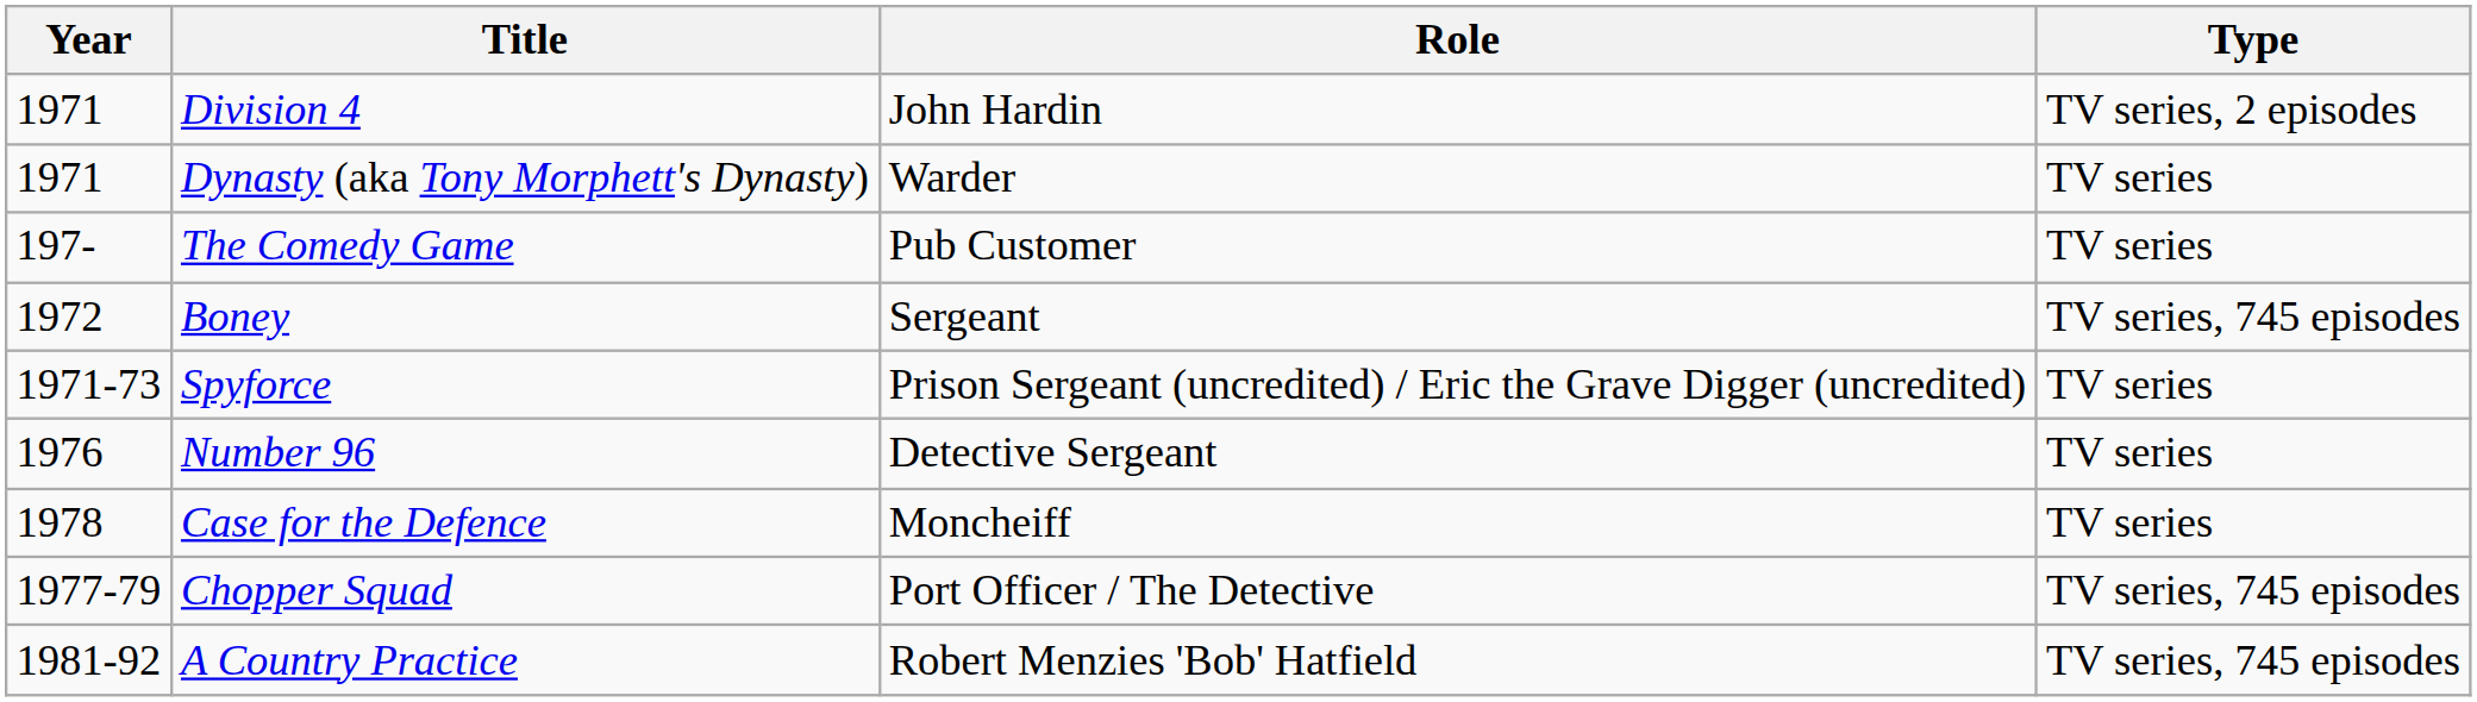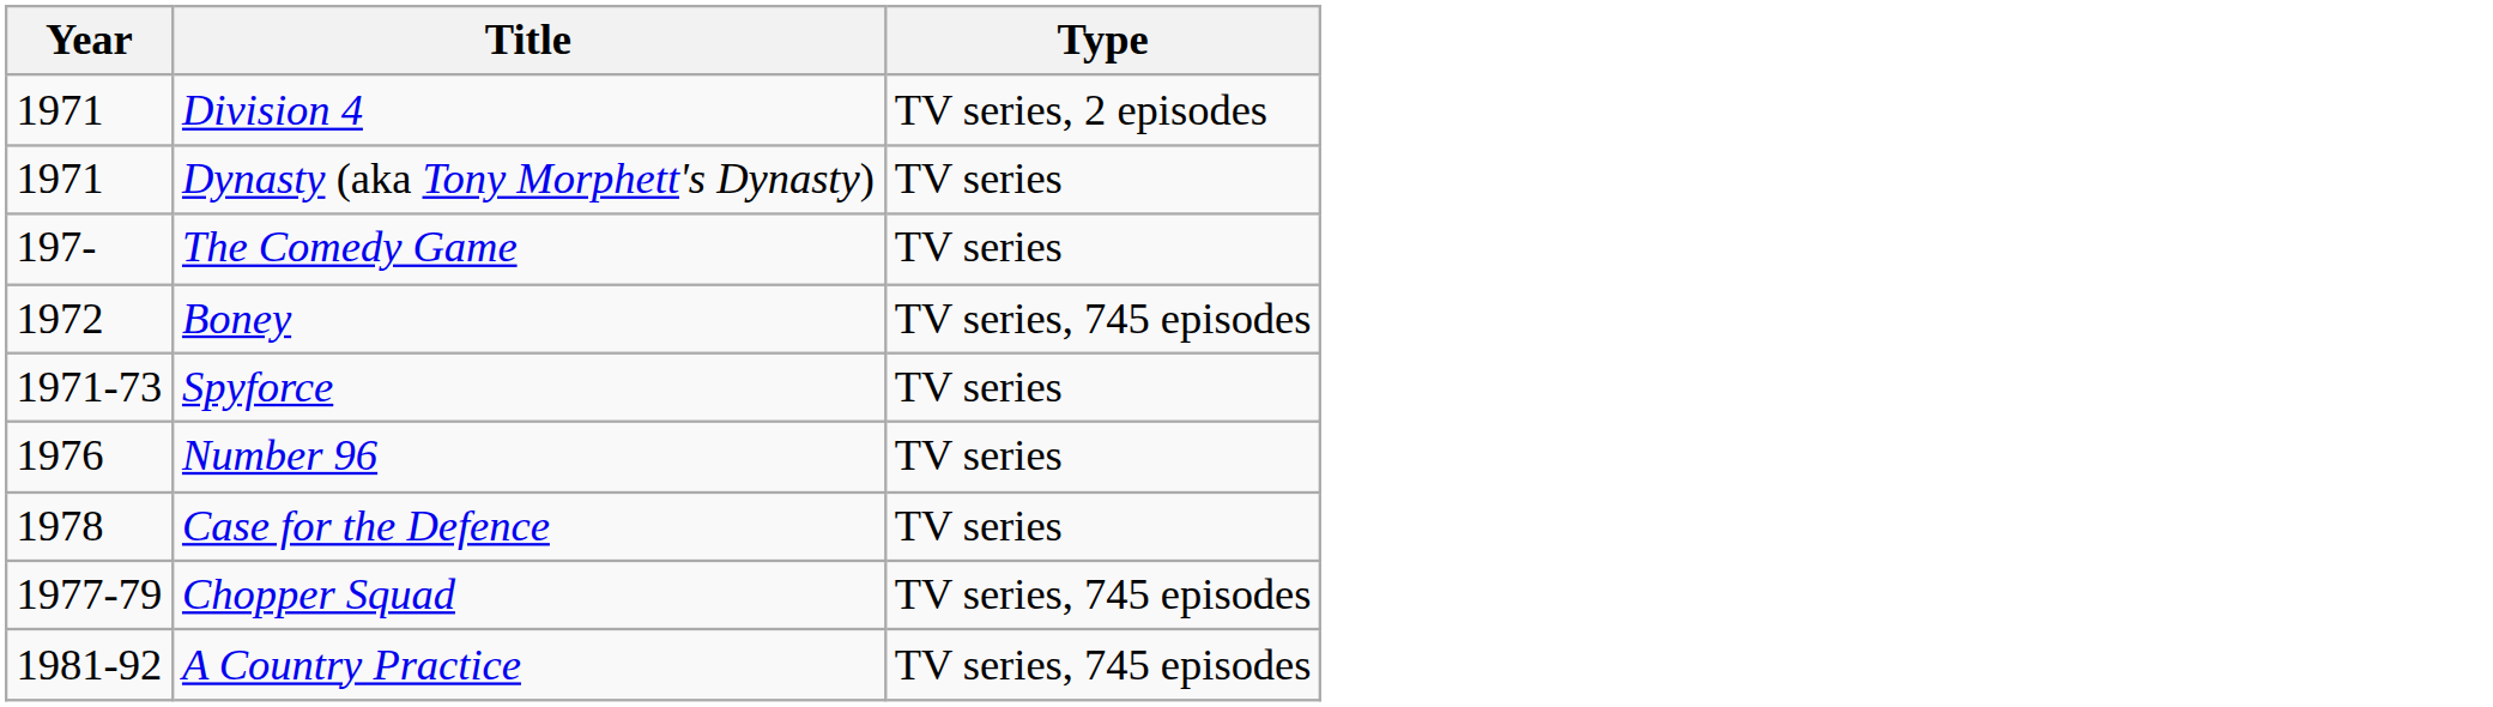 <table class="wikitable">
 <tr>
 <th>Year</th>
 <th>Title</th>
-<th>Role</th>
 <th>Type</th>
 </tr>
 <tr>
 <td>1971</td>
 <td><em><a href='#'>Division 4</a></em></td>
-<td>John Hardin</td>
 <td>TV series, 2 episodes</td>
 </tr>
 <tr>
 <td>1971</td>
 <td><em><a href='#'>Dynasty</a></em> (aka <em><a href='#'>Tony Morphett</a>'s Dynasty</em>)</td>
-<td>Warder</td>
 <td>TV series</td>
 </tr>
 <tr>
 <td>197-</td>
 <td><em><a href='#'>The Comedy Game</a></em></td>
-<td>Pub Customer</td>
 <td>TV series</td>
 </tr>
 <tr>
 <td>1972</td>
 <td><em><a href='#'>Boney</a></em></td>
-<td>Sergeant</td>
 <td>TV series, 745 episodes</td>
 </tr>
 <tr>
 <td>1971-73</td>
 <td><em><a href='#'>Spyforce</a></em></td>
-<td>Prison Sergeant (uncredited) / Eric the Grave Digger (uncredited)</td>
 <td>TV series</td>
 </tr>
 <tr>
 <td>1976</td>
 <td><em><a href='#'>Number 96</a></em></td>
-<td>Detective Sergeant</td>
 <td>TV series</td>
 </tr>
 <tr>
 <td>1978</td>
 <td><em><a href='#'>Case for the Defence</a></em></td>
-<td>Moncheiff</td>
 <td>TV series</td>
 </tr>
 <tr>
 <td>1977-79</td>
 <td><em><a href='#'>Chopper Squad</a></em></td>
-<td>Port Officer / The Detective</td>
 <td>TV series, 745 episodes</td>
 </tr>
 <tr>
 <td>1981-92</td>
 <td><em><a href='#'>A Country Practice</a></em></td>
-<td>Robert Menzies 'Bob' Hatfield</td>
 <td>TV series, 745 episodes</td>
 </tr>
 </table>
